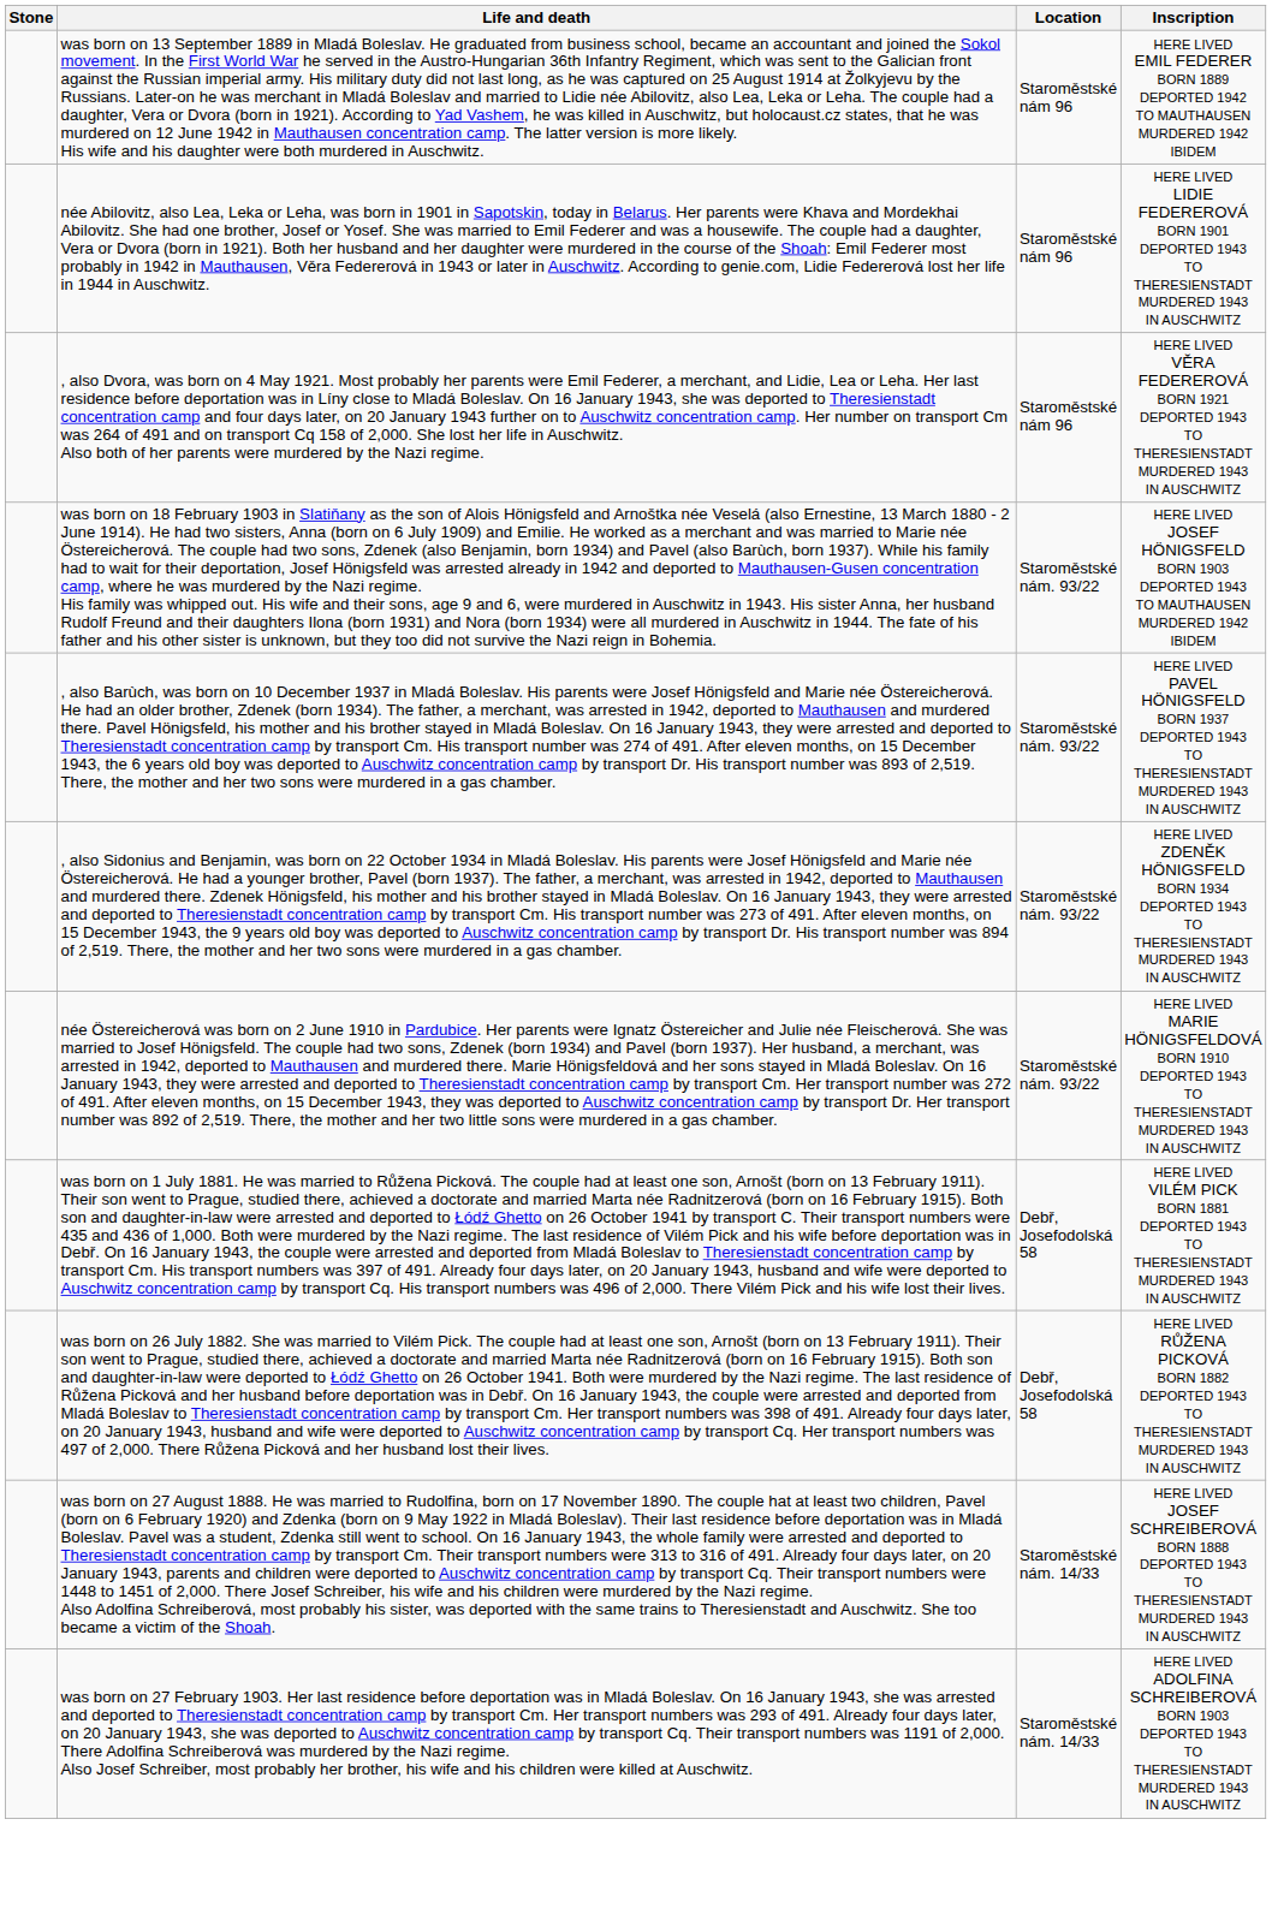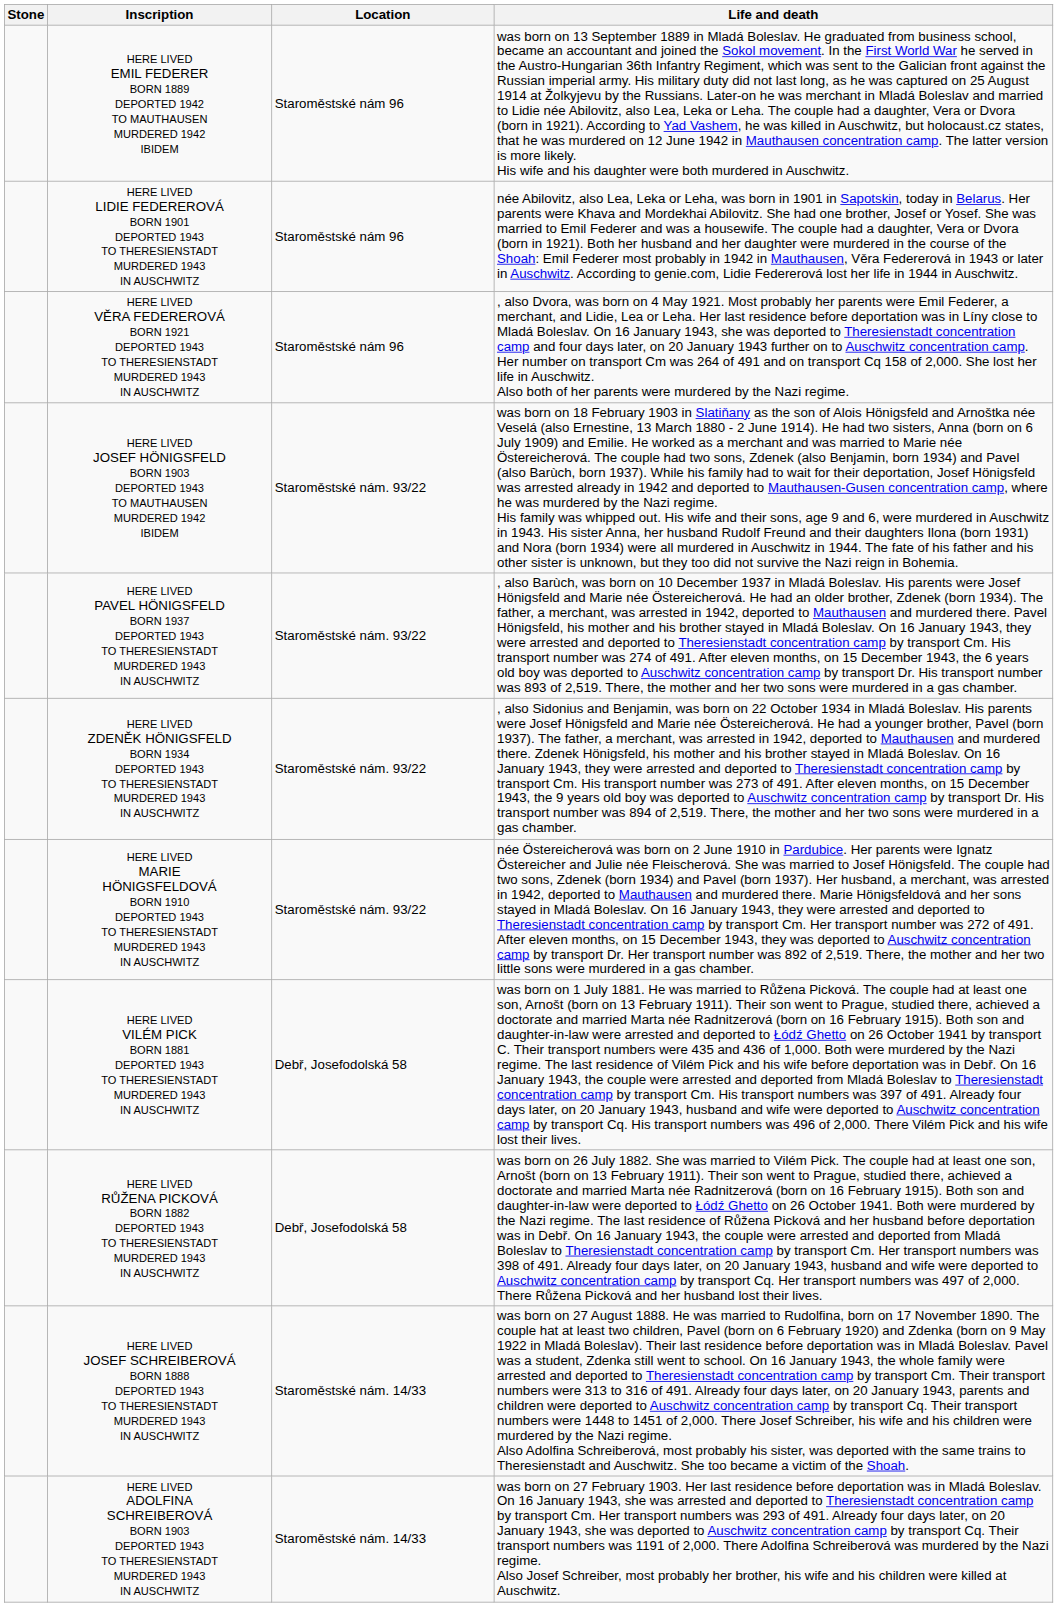 <table class="wikitable sortable toptextcells" style="width:100%">
 <tr>
 <th class="hintergrundfarbe6 unsortable" width="120px">Stone</th>
+<th class="hintergrundfarbe6 unsortable" style ="width:22%;">Inscription</th>
+<th class="hintergrundfarbe6" data-sort-type="text" style ="width:22%;">Location</th>
 <th class="hintergrundfarbe6" style="width:100%;">Life and death</th>
-<th class="hintergrundfarbe6" data-sort-type="text" style ="width:22%;">Location</th>
-<th class="hintergrundfarbe6 unsortable" style ="width:22%;">Inscription</th>
 </tr>
 <tr>
 <td></td>
+<td style="text-align:center"><div><small>HERE LIVED</small><br>EMIL FEDERER<br><small>BORN 1889<br>DEPORTED 1942<br>TO MAUTHAUSEN<br>MURDERED 1942<br>IBIDEM</small></div></td>
+<td>Staroměstské nám 96<br></td>
 <td><strong></strong> was born on 13 September 1889 in Mladá Boleslav. He graduated from business school, became an accountant and joined the <a href='#'>Sokol movement</a>. In the <a href='#'>First World War</a> he served in the Austro-Hungarian 36th Infantry Regiment, which was sent to the Galician front against the Russian imperial army. His military duty did not last long, as he was captured on 25 August 1914 at Žolkyjevu by the Russians. Later-on he was merchant in Mladá Boleslav and married to Lidie née Abilovitz, also Lea, Leka or Leha. The couple had a daughter, Vera or Dvora (born in 1921). According to <a href='#'>Yad Vashem</a>, he was killed in Auschwitz, but holocaust.cz states, that he was murdered on 12 June 1942 in <a href='#'>Mauthausen concentration camp</a>. The latter version is more likely.<br>His wife and his daughter were both murdered in Auschwitz.</td>
-<td>Staroměstské nám 96<br></td>
-<td style="text-align:center"><div><small>HERE LIVED</small><br>EMIL FEDERER<br><small>BORN 1889<br>DEPORTED 1942<br>TO MAUTHAUSEN<br>MURDERED 1942<br>IBIDEM</small></div></td>
 </tr>
 <tr>
 <td></td>
+<td style="text-align:center"><div><small>HERE LIVED</small><br>LIDIE FEDEREROVÁ<br><small>BORN 1901<br>DEPORTED 1943<br>TO THERESIENSTADT<br>MURDERED 1943<br>IN AUSCHWITZ</small></div></td>
+<td>Staroměstské nám 96<br></td>
 <td><strong></strong> née Abilovitz, also Lea, Leka or Leha, was born in 1901 in <a href='#'>Sapotskin</a>, today in <a href='#'>Belarus</a>. Her parents were Khava and Mordekhai Abilovitz. She had one brother, Josef or Yosef. She was married to Emil Federer and was a housewife. The couple had a daughter, Vera or Dvora (born in 1921). Both her husband and her daughter were murdered in the course of the <a href='#'>Shoah</a>: Emil Federer most probably in 1942 in <a href='#'>Mauthausen</a>, Věra Federerová in 1943 or later in <a href='#'>Auschwitz</a>. According to genie.com, Lidie Federerová lost her life in 1944 in Auschwitz.</td>
-<td>Staroměstské nám 96<br></td>
-<td style="text-align:center"><div><small>HERE LIVED</small><br>LIDIE FEDEREROVÁ<br><small>BORN 1901<br>DEPORTED 1943<br>TO THERESIENSTADT<br>MURDERED 1943<br>IN AUSCHWITZ</small></div></td>
 </tr>
 <tr>
 <td></td>
+<td style="text-align:center"><div><small>HERE LIVED</small><br>VĚRA FEDEREROVÁ<br><small>BORN 1921<br>DEPORTED 1943<br>TO THERESIENSTADT<br>MURDERED 1943<br>IN AUSCHWITZ</small></div></td>
+<td>Staroměstské nám 96<br></td>
 <td><strong></strong>, also Dvora, was born on 4 May 1921. Most probably her parents were Emil Federer, a merchant, and Lidie, Lea or Leha. Her last residence before deportation was in Líny close to Mladá Boleslav. On 16 January 1943, she was deported to <a href='#'>Theresienstadt concentration camp</a> and four days later, on 20 January 1943 further on to <a href='#'>Auschwitz concentration camp</a>. Her number on transport Cm was 264 of 491 and on transport Cq 158 of 2,000. She lost her life in Auschwitz.<br>Also both of her parents were murdered by the Nazi regime.</td>
-<td>Staroměstské nám 96<br></td>
-<td style="text-align:center"><div><small>HERE LIVED</small><br>VĚRA FEDEREROVÁ<br><small>BORN 1921<br>DEPORTED 1943<br>TO THERESIENSTADT<br>MURDERED 1943<br>IN AUSCHWITZ</small></div></td>
 </tr>
 <tr>
 <td></td>
+<td style="text-align:center"><div><small>HERE LIVED</small><br>JOSEF HÖNIGSFELD<br><small>BORN 1903<br>DEPORTED 1943<br>TO MAUTHAUSEN<br>MURDERED 1942<br>IBIDEM</small></div></td>
+<td>Staroměstské nám. 93/22<br></td>
 <td><strong></strong> was born on 18 February 1903 in <a href='#'>Slatiňany</a> as the son of Alois Hönigsfeld and Arnoštka née Veselá (also Ernestine, 13 March 1880 - 2 June 1914). He had two sisters, Anna (born on 6 July 1909) and Emilie. He worked as a merchant and was married to Marie née Östereicherová. The couple had two sons, Zdenek (also Benjamin, born 1934) and Pavel (also Barùch, born 1937). While his family had to wait for their deportation, Josef Hönigsfeld was arrested already in 1942 and deported to <a href='#'>Mauthausen-Gusen concentration camp</a>, where he was murdered by the Nazi regime.<br>His family was whipped out. His wife and their sons, age 9 and 6, were murdered in Auschwitz in 1943. His sister Anna, her husband Rudolf Freund and their daughters Ilona (born 1931) and Nora (born 1934) were all murdered in Auschwitz in 1944. The fate of his father and his other sister is unknown, but they too did not survive the Nazi reign in Bohemia.</td>
-<td>Staroměstské nám. 93/22<br></td>
-<td style="text-align:center"><div><small>HERE LIVED</small><br>JOSEF HÖNIGSFELD<br><small>BORN 1903<br>DEPORTED 1943<br>TO MAUTHAUSEN<br>MURDERED 1942<br>IBIDEM</small></div></td>
 </tr>
 <tr>
 <td></td>
+<td style="text-align:center"><div><small>HERE LIVED</small><br>PAVEL HÖNIGSFELD<br><small>BORN 1937<br>DEPORTED 1943<br>TO THERESIENSTADT<br>MURDERED 1943<br>IN AUSCHWITZ</small></div></td>
+<td>Staroměstské nám. 93/22<br></td>
 <td><strong></strong>, also Barùch, was born on 10 December 1937 in Mladá Boleslav. His parents were Josef Hönigsfeld and Marie née Östereicherová. He had an older brother, Zdenek (born 1934). The father, a merchant, was arrested in 1942, deported to <a href='#'>Mauthausen</a> and murdered there. Pavel Hönigsfeld, his mother and his brother stayed in Mladá Boleslav. On 16 January 1943, they were arrested and deported to <a href='#'>Theresienstadt concentration camp</a> by transport Cm. His transport number was 274 of 491. After eleven months, on 15 December 1943, the 6 years old boy was deported to <a href='#'>Auschwitz concentration camp</a> by transport Dr. His transport number was 893 of 2,519. There, the mother and her two sons were murdered in a gas chamber.</td>
-<td>Staroměstské nám. 93/22<br></td>
-<td style="text-align:center"><div><small>HERE LIVED</small><br>PAVEL HÖNIGSFELD<br><small>BORN 1937<br>DEPORTED 1943<br>TO THERESIENSTADT<br>MURDERED 1943<br>IN AUSCHWITZ</small></div></td>
 </tr>
 <tr>
 <td></td>
+<td style="text-align:center"><div><small>HERE LIVED</small><br>ZDENĚK HÖNIGSFELD<br><small>BORN 1934<br>DEPORTED 1943<br>TO THERESIENSTADT<br>MURDERED 1943<br>IN AUSCHWITZ</small></div></td>
+<td>Staroměstské nám. 93/22<br></td>
 <td><strong></strong>, also Sidonius and Benjamin, was born on 22 October 1934 in Mladá Boleslav. His parents were Josef Hönigsfeld and Marie née Östereicherová. He had a younger brother, Pavel (born 1937). The father, a merchant, was arrested in 1942, deported to <a href='#'>Mauthausen</a> and murdered there. Zdenek Hönigsfeld, his mother and his brother stayed in Mladá Boleslav. On 16 January 1943, they were arrested and deported to <a href='#'>Theresienstadt concentration camp</a> by transport Cm. His transport number was 273 of 491. After eleven months, on 15 December 1943, the 9 years old boy was deported to <a href='#'>Auschwitz concentration camp</a> by transport Dr. His transport number was 894 of 2,519. There, the mother and her two sons were murdered in a gas chamber.</td>
-<td>Staroměstské nám. 93/22<br></td>
-<td style="text-align:center"><div><small>HERE LIVED</small><br>ZDENĚK HÖNIGSFELD<br><small>BORN 1934<br>DEPORTED 1943<br>TO THERESIENSTADT<br>MURDERED 1943<br>IN AUSCHWITZ</small></div></td>
 </tr>
 <tr>
 <td></td>
+<td style="text-align:center"><div><small>HERE LIVED</small><br>MARIE<br>HÖNIGSFELDOVÁ<br><small>BORN 1910<br>DEPORTED 1943<br>TO THERESIENSTADT<br>MURDERED 1943<br>IN AUSCHWITZ</small></div></td>
+<td>Staroměstské nám. 93/22<br></td>
 <td><strong></strong> née Östereicherová was born on 2 June 1910 in <a href='#'>Pardubice</a>. Her parents were Ignatz Östereicher and Julie née Fleischerová. She was married to Josef Hönigsfeld. The couple had two sons, Zdenek (born 1934) and Pavel (born 1937). Her husband, a merchant, was arrested in 1942, deported to <a href='#'>Mauthausen</a> and murdered there. Marie Hönigsfeldová and her sons stayed in Mladá Boleslav. On 16 January 1943, they were arrested and deported to <a href='#'>Theresienstadt concentration camp</a> by transport Cm. Her transport number was 272 of 491. After eleven months, on 15 December 1943, they was deported to <a href='#'>Auschwitz concentration camp</a> by transport Dr. Her transport number was 892 of 2,519. There, the mother and her two little sons were murdered in a gas chamber.</td>
-<td>Staroměstské nám. 93/22<br></td>
-<td style="text-align:center"><div><small>HERE LIVED</small><br>MARIE<br>HÖNIGSFELDOVÁ<br><small>BORN 1910<br>DEPORTED 1943<br>TO THERESIENSTADT<br>MURDERED 1943<br>IN AUSCHWITZ</small></div></td>
 </tr>
 <tr>
 <td></td>
+<td style="text-align:center"><div><small>HERE LIVED</small><br>VILÉM PICK<br><small>BORN 1881<br>DEPORTED 1943<br>TO THERESIENSTADT<br>MURDERED 1943<br>IN AUSCHWITZ</small></div></td>
+<td>Debř, Josefodolská 58<br></td>
 <td><strong></strong> was born on 1 July 1881. He was married to Růžena Picková. The couple had at least one son, Arnošt (born on 13 February 1911). Their son went to Prague, studied there, achieved a doctorate and married Marta née Radnitzerová (born on 16 February 1915). Both son and daughter-in-law were arrested and deported to <a href='#'>Łódź Ghetto</a> on 26 October 1941 by transport C. Their transport numbers were 435 and 436 of 1,000. Both were murdered by the Nazi regime. The last residence of Vilém Pick and his wife before deportation was in Debř. On 16 January 1943, the couple were arrested and deported from Mladá Boleslav to <a href='#'>Theresienstadt concentration camp</a> by transport Cm. His transport numbers was 397 of 491. Already four days later, on 20 January 1943, husband and wife were deported to <a href='#'>Auschwitz concentration camp</a> by transport Cq. His transport numbers was 496 of 2,000. There Vilém Pick and his wife lost their lives.</td>
-<td>Debř, Josefodolská 58<br></td>
-<td style="text-align:center"><div><small>HERE LIVED</small><br>VILÉM PICK<br><small>BORN 1881<br>DEPORTED 1943<br>TO THERESIENSTADT<br>MURDERED 1943<br>IN AUSCHWITZ</small></div></td>
 </tr>
 <tr>
 <td></td>
+<td style="text-align:center"><div><small>HERE LIVED</small><br>RŮŽENA PICKOVÁ<br><small>BORN 1882<br>DEPORTED 1943<br>TO THERESIENSTADT<br>MURDERED 1943<br>IN AUSCHWITZ</small></div></td>
+<td>Debř, Josefodolská 58<br></td>
 <td><strong></strong> was born on 26 July 1882. She was married to Vilém Pick. The couple had at least one son, Arnošt (born on 13 February 1911). Their son went to Prague, studied there, achieved a doctorate and married Marta née Radnitzerová (born on 16 February 1915). Both son and daughter-in-law were deported to <a href='#'>Łódź Ghetto</a> on 26 October 1941. Both were murdered by the Nazi regime. The last residence of Růžena Picková and her husband before deportation was in Debř. On 16 January 1943, the couple were arrested and deported from Mladá Boleslav to <a href='#'>Theresienstadt concentration camp</a> by transport Cm. Her transport numbers was 398 of 491. Already four days later, on 20 January 1943, husband and wife were deported to <a href='#'>Auschwitz concentration camp</a> by transport Cq. Her transport numbers was 497 of 2,000. There Růžena Picková and her husband lost their lives.</td>
-<td>Debř, Josefodolská 58<br></td>
-<td style="text-align:center"><div><small>HERE LIVED</small><br>RŮŽENA PICKOVÁ<br><small>BORN 1882<br>DEPORTED 1943<br>TO THERESIENSTADT<br>MURDERED 1943<br>IN AUSCHWITZ</small></div></td>
 </tr>
 <tr>
 <td></td>
+<td style="text-align:center"><div><small>HERE LIVED</small><br>JOSEF SCHREIBEROVÁ<br><small>BORN 1888<br>DEPORTED 1943<br>TO THERESIENSTADT<br>MURDERED 1943<br>IN AUSCHWITZ</small></div></td>
+<td>Staroměstské nám. 14/33<br></td>
 <td><strong></strong> was born on 27 August 1888. He was married to Rudolfina, born on 17 November 1890. The couple hat at least two children, Pavel (born on 6 February 1920) and Zdenka (born on 9 May 1922 in Mladá Boleslav). Their last residence before deportation was in Mladá Boleslav. Pavel was a student, Zdenka still went to school. On 16 January 1943, the whole family were arrested and deported to <a href='#'>Theresienstadt concentration camp</a> by transport Cm. Their transport numbers were 313 to 316 of 491. Already four days later, on 20 January 1943, parents and children were deported to <a href='#'>Auschwitz concentration camp</a> by transport Cq. Their transport numbers were 1448 to 1451 of 2,000. There Josef Schreiber, his wife and his children were murdered by the Nazi regime.<br>Also Adolfina Schreiberová, most probably his sister, was deported with the same trains to Theresienstadt and Auschwitz. She too became a victim of the <a href='#'>Shoah</a>.</td>
-<td>Staroměstské nám. 14/33<br></td>
-<td style="text-align:center"><div><small>HERE LIVED</small><br>JOSEF SCHREIBEROVÁ<br><small>BORN 1888<br>DEPORTED 1943<br>TO THERESIENSTADT<br>MURDERED 1943<br>IN AUSCHWITZ</small></div></td>
 </tr>
 <tr>
 <td></td>
+<td style="text-align:center"><div><small>HERE LIVED</small><br>ADOLFINA<br>SCHREIBEROVÁ<br><small>BORN 1903<br>DEPORTED 1943<br>TO THERESIENSTADT<br>MURDERED 1943<br>IN AUSCHWITZ</small></div></td>
+<td>Staroměstské nám. 14/33<br></td>
 <td><strong></strong> was born on 27 February 1903. Her last residence before deportation was in Mladá Boleslav. On 16 January 1943, she was arrested and deported to <a href='#'>Theresienstadt concentration camp</a> by transport Cm. Her transport numbers was 293 of 491. Already four days later, on 20 January 1943, she was deported to <a href='#'>Auschwitz concentration camp</a> by transport Cq. Their transport numbers was 1191 of 2,000. There Adolfina Schreiberová was murdered by the Nazi regime.<br>Also Josef Schreiber, most probably her brother, his wife and his children were killed at Auschwitz.</td>
-<td>Staroměstské nám. 14/33<br></td>
-<td style="text-align:center"><div><small>HERE LIVED</small><br>ADOLFINA<br>SCHREIBEROVÁ<br><small>BORN 1903<br>DEPORTED 1943<br>TO THERESIENSTADT<br>MURDERED 1943<br>IN AUSCHWITZ</small></div></td>
 </tr>
 </table>
